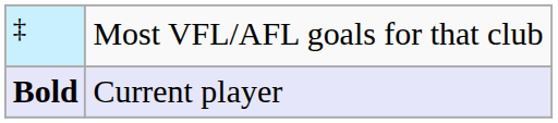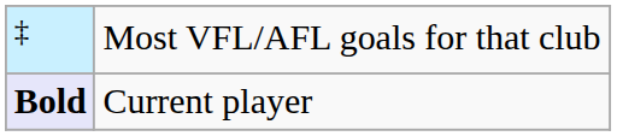 <table class=wikitable>
 <tr>
 <td bgcolor=C9F0FF><sup>‡</sup></td>
 <td>Most VFL/AFL goals for that club</td>
 </tr>
 <tr>
 <td bgcolor=E6E6FA><strong>Bold</strong></td>
-<td style="background: lavender;">Current player</td>
+<td>Current player</td>
 </tr>
 </table>
